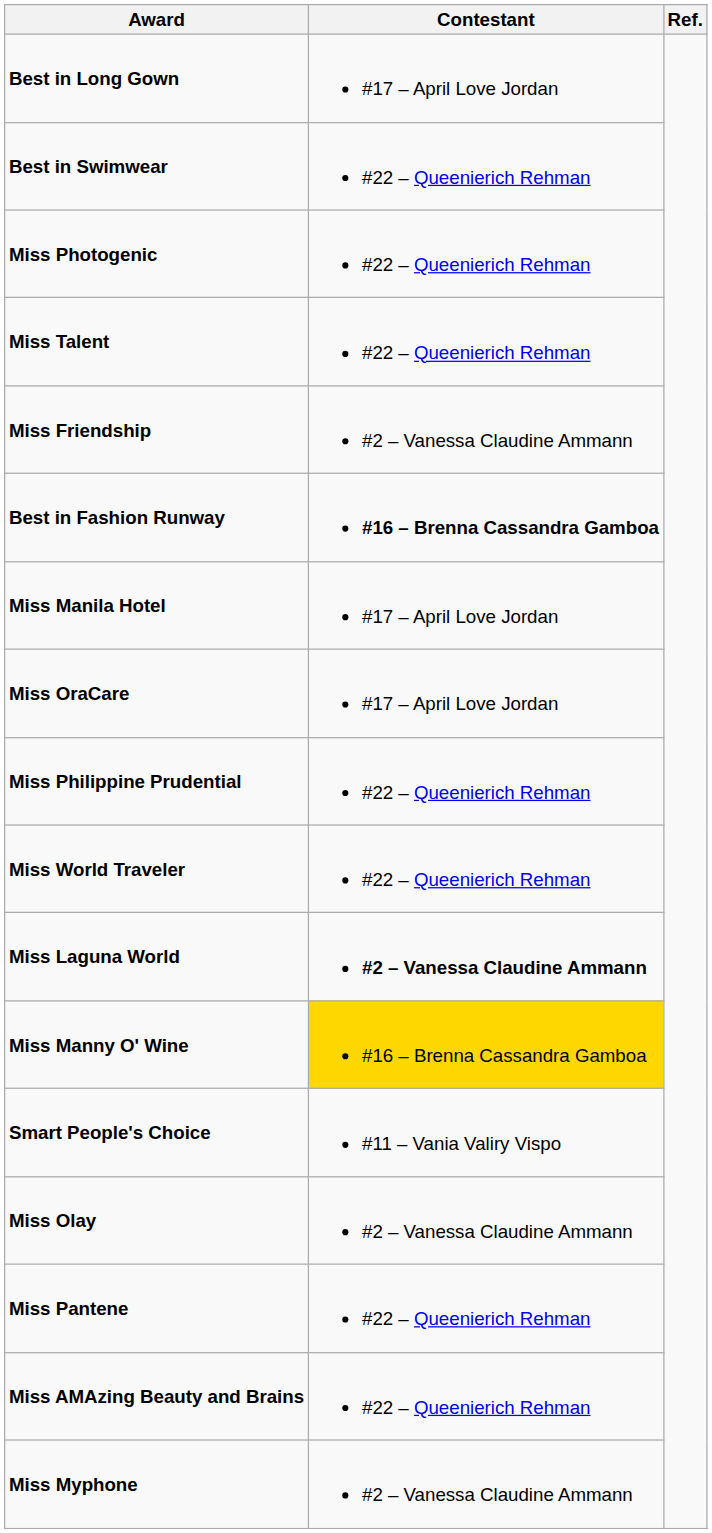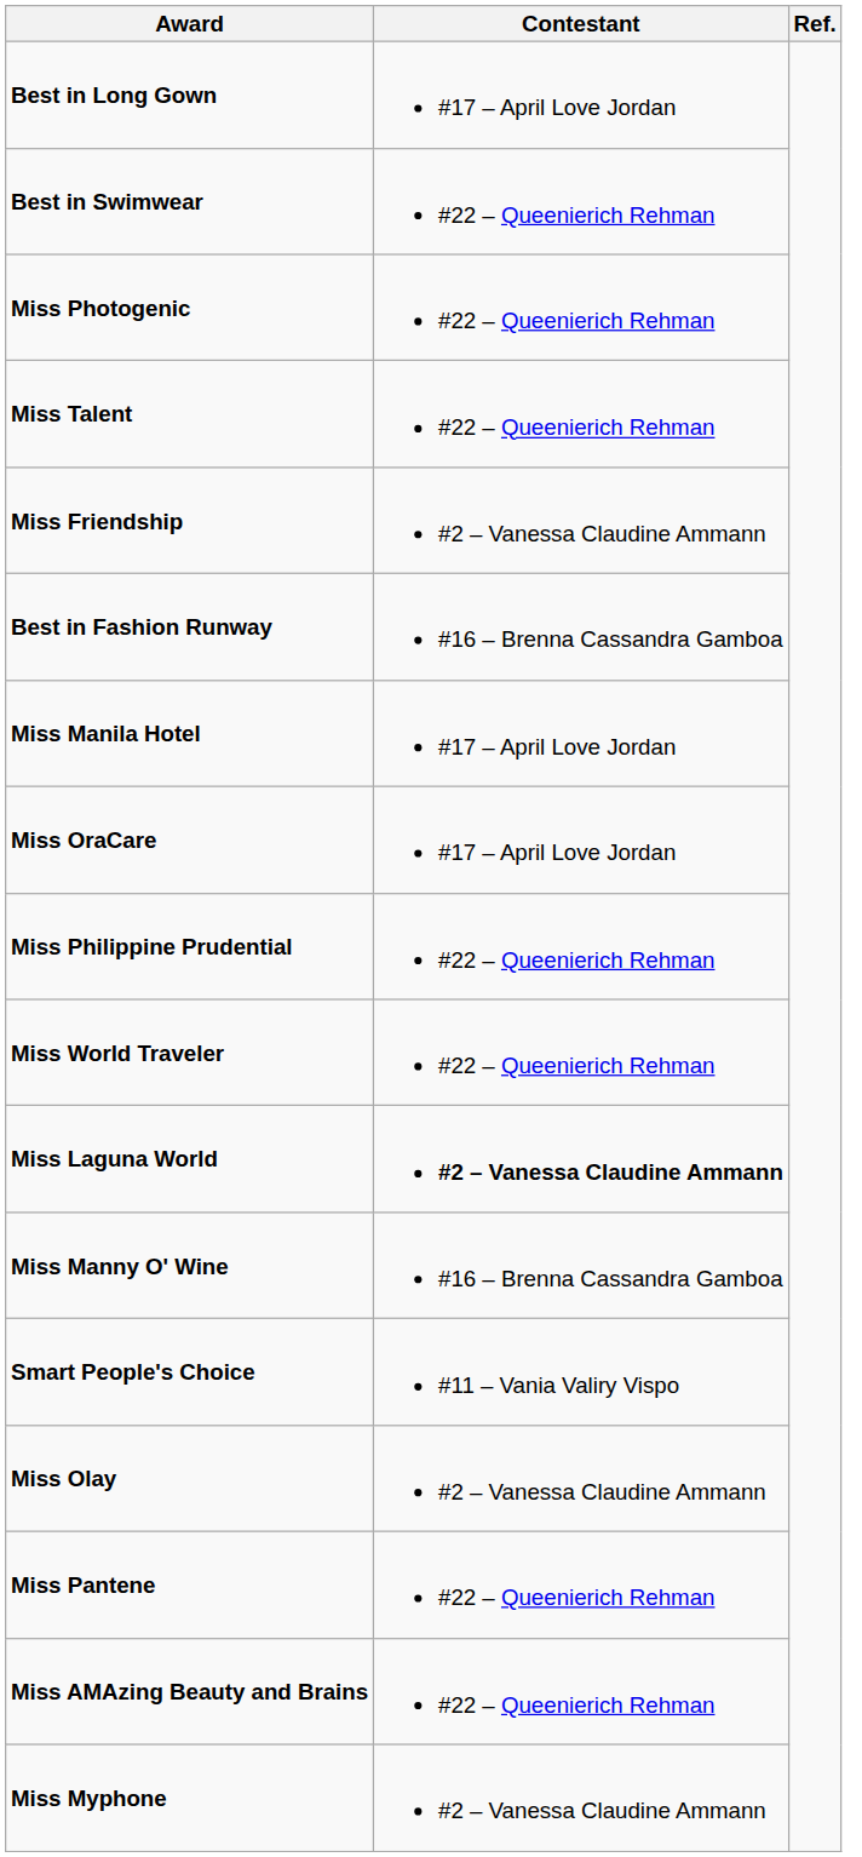 <table class="wikitable sortable" style="font-size: 95%;">
 <tr>
 <th>Award</th>
 <th>Contestant</th>
 <th>Ref.</th>
 </tr>
 <tr>
 <td><strong>Best in Long Gown</strong></td>
 <td><br><ul><li>#17 – April Love Jordan</li></ul></td>
 <td rowspan="17"></td>
 </tr>
 <tr>
 <td><strong>Best in Swimwear</strong></td>
 <td><br><ul><li>#22 – <a href='#'>Queenierich Rehman</a></li></ul></td>
 </tr>
 <tr>
 <td><strong>Miss Photogenic</strong></td>
 <td><br><ul><li>#22 – <a href='#'>Queenierich Rehman</a></li></ul></td>
 </tr>
 <tr>
 <td><strong>Miss Talent</strong></td>
 <td><br><ul><li>#22 – <a href='#'>Queenierich Rehman</a></li></ul></td>
 </tr>
 <tr>
 <td><strong>Miss Friendship</strong></td>
 <td><br><ul><li>#2 – Vanessa Claudine Ammann</li></ul></td>
 </tr>
 <tr>
 <td><strong>Best in Fashion Runway</strong></td>
-<td><strong><br><ul><li>#16 – Brenna Cassandra Gamboa</li></ul></strong></td>
+<td><br><ul><li>#16 – Brenna Cassandra Gamboa</li></ul></td>
 </tr>
 <tr>
 <td><strong>Miss Manila Hotel</strong></td>
 <td><br><ul><li>#17 – April Love Jordan</li></ul></td>
 </tr>
 <tr>
 <td><strong>Miss OraCare</strong></td>
 <td><br><ul><li>#17 – April Love Jordan</li></ul></td>
 </tr>
 <tr>
 <td><strong>Miss Philippine Prudential</strong></td>
 <td><br><ul><li>#22 – <a href='#'>Queenierich Rehman</a></li></ul></td>
 </tr>
 <tr>
 <td><strong>Miss World Traveler</strong></td>
 <td><br><ul><li>#22 – <a href='#'>Queenierich Rehman</a></li></ul></td>
 </tr>
 <tr>
 <td><strong>Miss Laguna World</strong></td>
 <td><strong><br><ul><li>#2 – Vanessa Claudine Ammann</li></ul></strong></td>
 </tr>
 <tr>
 <td><strong>Miss Manny O' Wine</strong></td>
-<td style="background: gold;"><br><ul><li>#16 – Brenna Cassandra Gamboa</li></ul></td>
+<td><br><ul><li>#16 – Brenna Cassandra Gamboa</li></ul></td>
 </tr>
 <tr>
 <td><strong>Smart People's Choice</strong></td>
 <td><br><ul><li>#11 – Vania Valiry Vispo</li></ul></td>
 </tr>
 <tr>
 <td><strong>Miss Olay</strong></td>
 <td><br><ul><li>#2 – Vanessa Claudine Ammann</li></ul></td>
 </tr>
 <tr>
 <td><strong>Miss Pantene</strong></td>
 <td><br><ul><li>#22 – <a href='#'>Queenierich Rehman</a></li></ul></td>
 </tr>
 <tr>
 <td><strong>Miss AMAzing Beauty and Brains</strong></td>
 <td><br><ul><li>#22 – <a href='#'>Queenierich Rehman</a></li></ul></td>
 </tr>
 <tr>
 <td><strong>Miss Myphone</strong></td>
 <td><br><ul><li>#2 – Vanessa Claudine Ammann</li></ul></td>
 </tr>
 <tr>
 </tr>
 </table>
